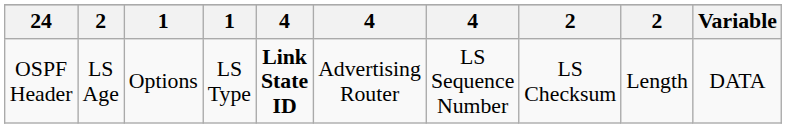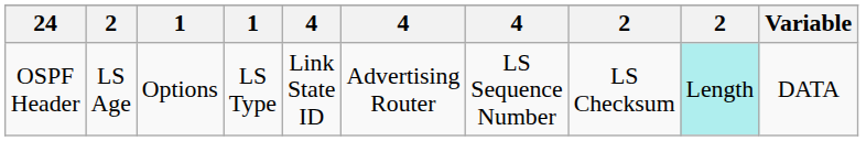 <table class="wikitable  floatright mw-collapsible" style="width: 400px;">
 <tr>
 </tr>
 <tr style="text-align: center;">
 <th>24</th>
 <th>2</th>
 <th>1</th>
 <th>1</th>
 <th>4</th>
 <th>4</th>
 <th>4</th>
 <th>2</th>
 <th>2</th>
 <th>Variable</th>
 </tr>
 <tr style="text-align: center;">
 <td>OSPF Header</td>
 <td>LS Age</td>
 <td>Options</td>
 <td>LS Type</td>
-<td><strong>Link State ID</strong></td>
+<td>Link State ID</td>
 <td>Advertising Router</td>
 <td>LS Sequence Number</td>
 <td>LS Checksum</td>
-<td>Length</td>
+<td style="background: paleturquoise;">Length</td>
 <td>DATA</td>
 </tr>
 </table>
